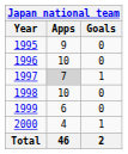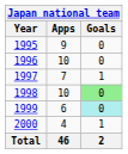 <table class="wikitable" style="text-align:center">
 <tr>
 <th colspan=3><a href='#'>Japan national team</a></th>
 </tr>
 <tr>
 <th>Year</th>
 <th>Apps</th>
 <th>Goals</th>
 </tr>
 <tr>
 <td><a href='#'>1995</a></td>
 <td>9</td>
 <td>0</td>
 </tr>
 <tr>
 <td><a href='#'>1996</a></td>
 <td>10</td>
 <td>0</td>
 </tr>
 <tr>
 <td><a href='#'>1997</a></td>
-<td style="background: lightgrey;">7</td>
+<td>7</td>
 <td>1</td>
 </tr>
 <tr>
 <td><a href='#'>1998</a></td>
 <td>10</td>
-<td>0</td>
+<td style="background: lightgreen;">0</td>
 </tr>
 <tr>
 <td><a href='#'>1999</a></td>
 <td>6</td>
-<td>0</td>
+<td style="background: paleturquoise;">0</td>
 </tr>
 <tr>
 <td><a href='#'>2000</a></td>
 <td>4</td>
 <td>1</td>
 </tr>
 <tr>
 <th>Total</th>
 <th>46</th>
 <th>2</th>
 </tr>
 </table>
